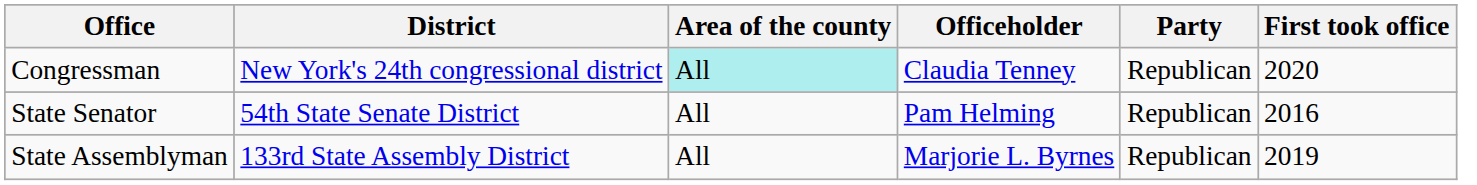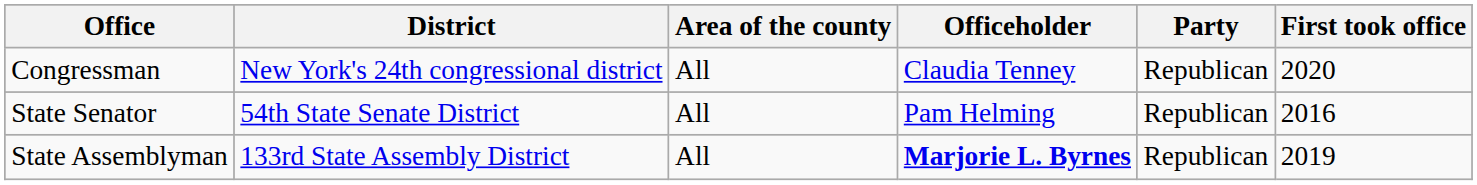 <table class="wikitable sortable">
 <tr>
 <th>Office</th>
 <th>District</th>
 <th>Area of the county</th>
 <th>Officeholder</th>
 <th>Party</th>
 <th>First took office</th>
 </tr>
 <tr>
 <td>Congressman</td>
 <td><a href='#'>New York's 24th congressional district</a></td>
-<td style="background: paleturquoise;">All</td>
+<td>All</td>
 <td><a href='#'>Claudia Tenney</a></td>
 <td>Republican</td>
 <td>2020</td>
 </tr>
 <tr>
 <td>State Senator</td>
 <td><a href='#'>54th State Senate District</a></td>
 <td>All</td>
 <td><a href='#'>Pam Helming</a></td>
 <td>Republican</td>
 <td>2016</td>
 </tr>
 <tr>
 <td>State Assemblyman</td>
 <td><a href='#'>133rd State Assembly District</a></td>
 <td>All </td>
-<td><a href='#'>Marjorie L. Byrnes</a></td>
+<td><strong><a href='#'>Marjorie L. Byrnes</a></strong></td>
 <td>Republican</td>
 <td>2019</td>
 </tr>
 </table>
